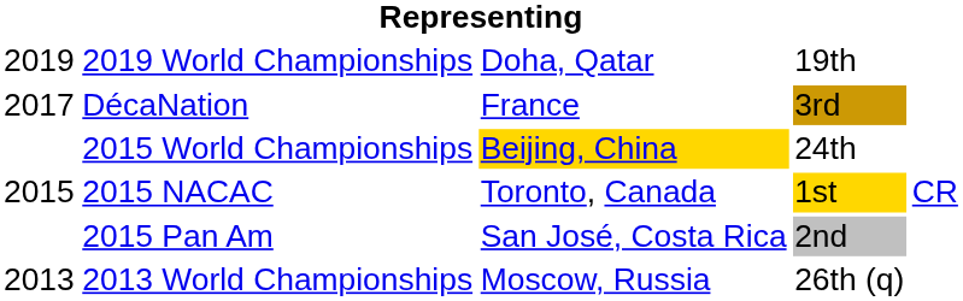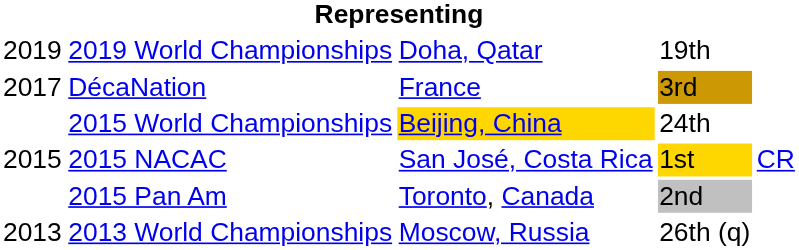 <table>
 <tr>
 <th colspan="6">Representing </th>
 </tr>
 <tr>
 <td>2019</td>
 <td><a href='#'>2019 World Championships</a></td>
 <td><a href='#'>Doha, Qatar</a></td>
 <td>19th</td>
 <td></td>
 </tr>
 <tr>
 <td>2017</td>
 <td><a href='#'>DécaNation</a></td>
 <td><a href='#'>France</a></td>
 <td bgcolor=cc9905>3rd</td>
 <td></td>
 </tr>
 <tr>
 <td rowspan="3">2015</td>
 <td><a href='#'>2015 World Championships</a></td>
 <td style="background: gold;"><a href='#'>Beijing, China</a></td>
 <td>24th</td>
 <td></td>
 </tr>
 <tr>
 <td><a href='#'>2015 NACAC</a></td>
-<td><a href='#'>Toronto</a>, <a href='#'>Canada</a></td>
+<td><a href='#'>San José, Costa Rica</a></td>
 <td bgcolor=gold>1st</td>
 <td> <a href='#'>CR</a></td>
 </tr>
 <tr>
 <td><a href='#'>2015 Pan Am</a></td>
-<td><a href='#'>San José, Costa Rica</a></td>
+<td><a href='#'>Toronto</a>, <a href='#'>Canada</a></td>
 <td bgcolor=silver>2nd</td>
 <td></td>
 </tr>
 <tr>
 <td>2013</td>
 <td><a href='#'>2013 World Championships</a></td>
 <td><a href='#'>Moscow, Russia</a></td>
 <td>26th (q)</td>
 <td></td>
 </tr>
 </table>
